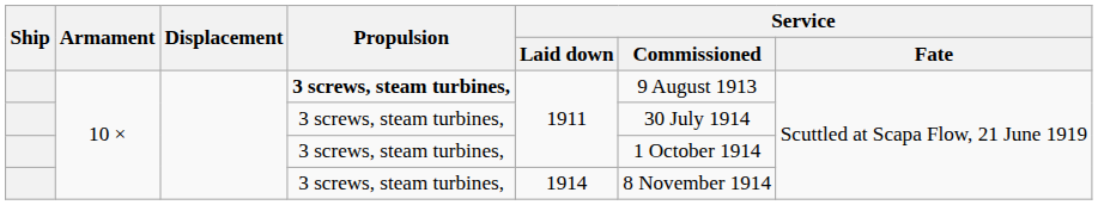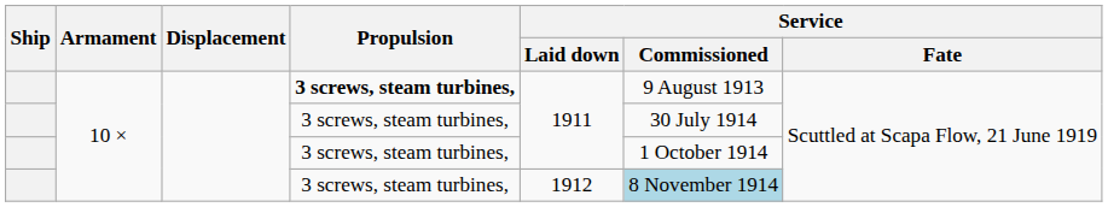 <table class="wikitable plainrowheaders" style="text-align: center;">
 <tr valign="center">
 <th scope="col" rowspan="2">Ship</th>
 <th scope="col" rowspan="2">Armament</th>
 <th scope="col" rowspan="2">Displacement</th>
 <th scope="col" rowspan="2">Propulsion</th>
 <th scope="col" colspan="3">Service</th>
 </tr>
 <tr valign="center">
 <th scope="col">Laid down</th>
 <th scope="col">Commissioned</th>
 <th scope="col">Fate</th>
 </tr>
 <tr valign="center">
 <th scope="row"></th>
 <td rowspan="4">10 × </td>
 <td rowspan="4"></td>
 <td><strong>3 screws, steam turbines, </strong></td>
 <td rowspan="3">1911</td>
 <td>9 August 1913</td>
 <td rowspan="4">Scuttled at Scapa Flow, 21 June 1919</td>
 </tr>
 <tr valign="center">
 <th scope="row"></th>
 <td>3 screws, steam turbines, </td>
 <td>30 July 1914</td>
 </tr>
 <tr valign="center">
 <th scope="row"></th>
 <td>3 screws, steam turbines, </td>
 <td>1 October 1914</td>
 </tr>
 <tr valign="center">
 <th scope="row"></th>
 <td>3 screws, steam turbines, </td>
-<td>1914</td>
-<td>8 November 1914</td>
+<td>1912</td>
+<td style="background: lightblue;">8 November 1914</td>
 </tr>
 </table>
